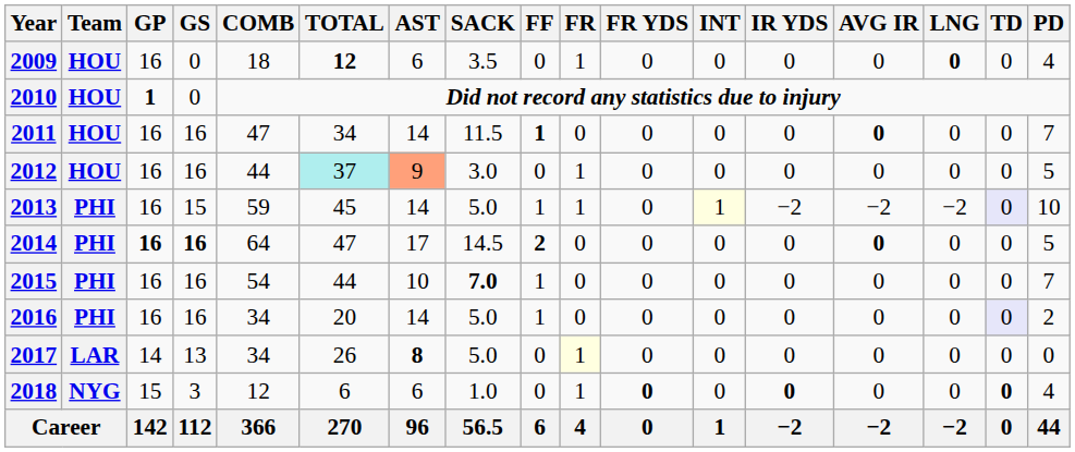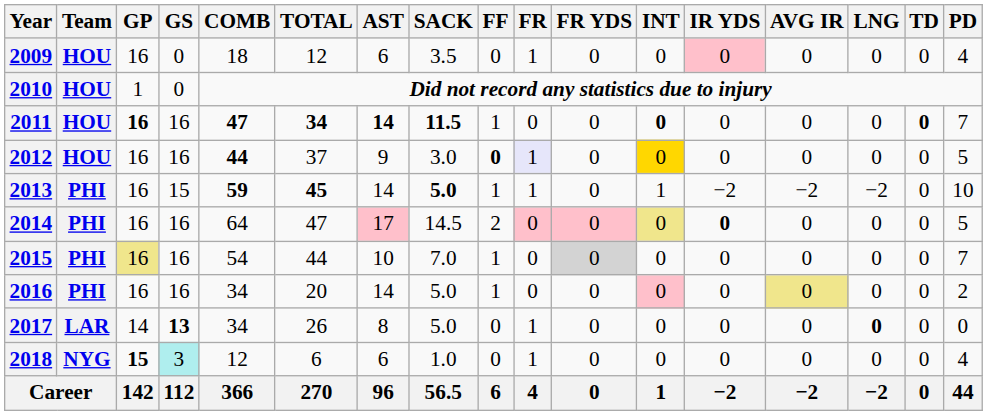 <table class="wikitable" style="text-align:center">
 <tr>
 <th>Year</th>
 <th>Team</th>
 <th>GP</th>
 <th>GS</th>
 <th>COMB</th>
 <th>TOTAL</th>
 <th>AST</th>
 <th>SACK</th>
 <th>FF</th>
 <th>FR</th>
 <th>FR YDS</th>
 <th>INT</th>
 <th>IR YDS</th>
 <th>AVG IR</th>
 <th>LNG</th>
 <th>TD</th>
 <th>PD</th>
 </tr>
 <tr>
 <th><a href='#'>2009</a></th>
 <th><a href='#'>HOU</a></th>
 <td>16</td>
 <td>0</td>
 <td>18</td>
-<td><strong>12</strong></td>
+<td>12</td>
 <td>6</td>
 <td>3.5</td>
 <td>0</td>
 <td>1</td>
 <td>0</td>
 <td>0</td>
+<td style="background: pink;">0</td>
 <td>0</td>
 <td>0</td>
-<td><strong>0</strong></td>
 <td>0</td>
 <td>4</td>
 </tr>
 <tr>
 <th><a href='#'>2010</a></th>
 <th><a href='#'>HOU</a></th>
-<td><strong>1</strong></td>
+<td>1</td>
 <td>0</td>
 <td colspan="13"><strong><em>Did not record any statistics due to injury</em></strong></td>
 </tr>
 <tr>
 <th><a href='#'>2011</a></th>
 <th><a href='#'>HOU</a></th>
+<td><strong>16</strong></td>
 <td>16</td>
-<td>16</td>
-<td>47</td>
-<td>34</td>
-<td>14</td>
-<td>11.5</td>
-<td><strong>1</strong></td>
-<td>0</td>
-<td>0</td>
+<td><strong>47</strong></td>
+<td><strong>34</strong></td>
+<td><strong>14</strong></td>
+<td><strong>11.5</strong></td>
+<td>1</td>
 <td>0</td>
 <td>0</td>
 <td><strong>0</strong></td>
 <td>0</td>
 <td>0</td>
+<td>0</td>
+<td><strong>0</strong></td>
 <td>7</td>
 </tr>
 <tr>
 <th><a href='#'>2012</a></th>
 <th><a href='#'>HOU</a></th>
 <td>16</td>
 <td>16</td>
-<td>44</td>
-<td style="background: paleturquoise;">37</td>
-<td style="background: lightsalmon;">9</td>
+<td><strong>44</strong></td>
+<td>37</td>
+<td>9</td>
 <td>3.0</td>
+<td><strong>0</strong></td>
+<td style="background: lavender;">1</td>
 <td>0</td>
-<td>1</td>
-<td>0</td>
-<td>0</td>
+<td style="background: gold;">0</td>
 <td>0</td>
 <td>0</td>
 <td>0</td>
 <td>0</td>
 <td>5</td>
 </tr>
 <tr>
 <th><a href='#'>2013</a></th>
 <th><a href='#'>PHI</a></th>
 <td>16</td>
 <td>15</td>
-<td>59</td>
-<td>45</td>
+<td><strong>59</strong></td>
+<td><strong>45</strong></td>
 <td>14</td>
-<td>5.0</td>
+<td><strong>5.0</strong></td>
 <td>1</td>
 <td>1</td>
 <td>0</td>
-<td style="background: lightyellow;">1</td>
+<td>1</td>
 <td>−2</td>
 <td>−2</td>
 <td>−2</td>
-<td style="background: lavender;">0</td>
+<td>0</td>
 <td>10</td>
 </tr>
 <tr>
 <th><a href='#'>2014</a></th>
 <th><a href='#'>PHI</a></th>
-<td><strong>16</strong></td>
-<td><strong>16</strong></td>
+<td>16</td>
+<td>16</td>
 <td>64</td>
 <td>47</td>
-<td>17</td>
+<td style="background: pink;">17</td>
 <td>14.5</td>
-<td><strong>2</strong></td>
+<td>2</td>
+<td style="background: pink;">0</td>
+<td style="background: pink;">0</td>
+<td style="background: khaki;">0</td>
+<td><strong>0</strong></td>
 <td>0</td>
-<td>0</td>
-<td>0</td>
-<td>0</td>
-<td><strong>0</strong></td>
 <td>0</td>
 <td>0</td>
 <td>5</td>
 </tr>
 <tr>
 <th><a href='#'>2015</a></th>
 <th><a href='#'>PHI</a></th>
-<td>16</td>
+<td style="background: khaki;">16</td>
 <td>16</td>
 <td>54</td>
 <td>44</td>
 <td>10</td>
-<td><strong>7.0</strong></td>
+<td>7.0</td>
 <td>1</td>
 <td>0</td>
-<td>0</td>
+<td style="background: lightgrey;">0</td>
 <td>0</td>
 <td>0</td>
 <td>0</td>
 <td>0</td>
 <td>0</td>
 <td>7</td>
 </tr>
 <tr>
 <th><a href='#'>2016</a></th>
 <th><a href='#'>PHI</a></th>
 <td>16</td>
 <td>16</td>
 <td>34</td>
 <td>20</td>
 <td>14</td>
 <td>5.0</td>
 <td>1</td>
 <td>0</td>
 <td>0</td>
+<td style="background: pink;">0</td>
+<td>0</td>
+<td style="background: khaki;">0</td>
 <td>0</td>
 <td>0</td>
-<td>0</td>
-<td>0</td>
-<td style="background: lavender;">0</td>
 <td>2</td>
 </tr>
 <tr>
 <th><a href='#'>2017</a></th>
 <th><a href='#'>LAR</a></th>
 <td>14</td>
-<td>13</td>
+<td><strong>13</strong></td>
 <td>34</td>
 <td>26</td>
-<td><strong>8</strong></td>
+<td>8</td>
 <td>5.0</td>
 <td>0</td>
-<td style="background: lightyellow;">1</td>
+<td>1</td>
+<td>0</td>
+<td>0</td>
+<td>0</td>
+<td>0</td>
+<td><strong>0</strong></td>
+<td>0</td>
+<td>0</td>
+</tr>
+<tr>
+<th><a href='#'>2018</a></th>
+<th><a href='#'>NYG</a></th>
+<td><strong>15</strong></td>
+<td style="background: paleturquoise;">3</td>
+<td>12</td>
+<td>6</td>
+<td>6</td>
+<td>1.0</td>
+<td>0</td>
+<td>1</td>
 <td>0</td>
 <td>0</td>
 <td>0</td>
 <td>0</td>
 <td>0</td>
 <td>0</td>
-<td>0</td>
-</tr>
-<tr>
-<th><a href='#'>2018</a></th>
-<th><a href='#'>NYG</a></th>
-<td>15</td>
-<td>3</td>
-<td>12</td>
-<td>6</td>
-<td>6</td>
-<td>1.0</td>
-<td>0</td>
-<td>1</td>
-<td><strong>0</strong></td>
-<td>0</td>
-<td><strong>0</strong></td>
-<td>0</td>
-<td>0</td>
-<td><strong>0</strong></td>
 <td>4</td>
 </tr>
 <tr>
 <th colspan="2">Career</th>
 <th>142</th>
 <th>112</th>
 <th>366</th>
 <th>270</th>
 <th>96</th>
 <th>56.5</th>
 <th>6</th>
 <th>4</th>
 <th>0</th>
 <th>1</th>
 <th>−2</th>
 <th>−2</th>
 <th>−2</th>
 <th>0</th>
 <th>44</th>
 </tr>
 </table>
